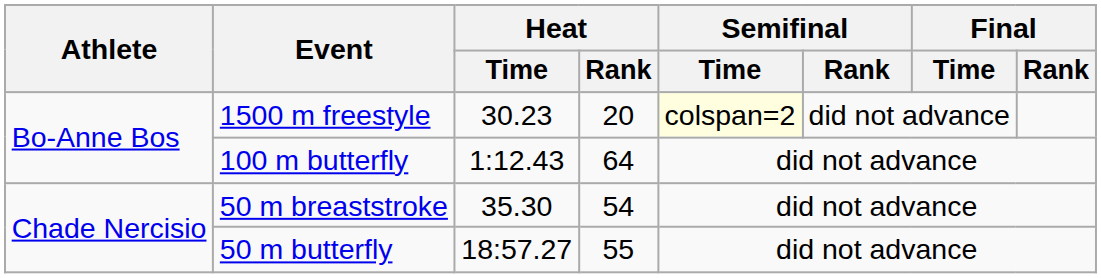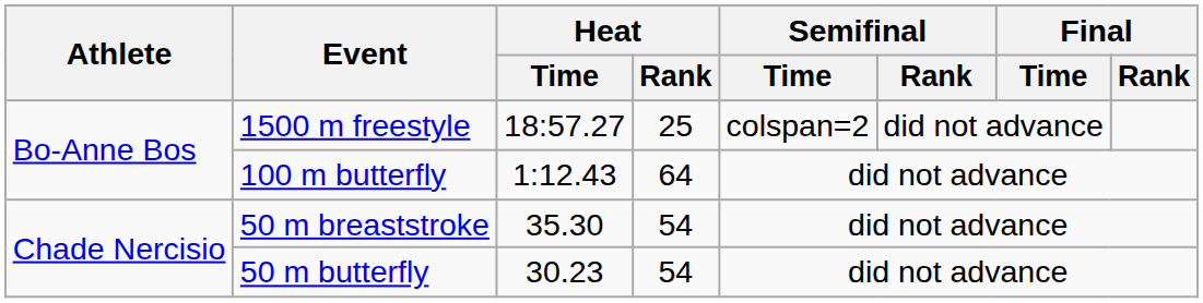 <table class=wikitable style="font-size:90%">
 <tr>
 <th rowspan="2">Athlete</th>
 <th rowspan="2">Event</th>
 <th colspan="2">Heat</th>
 <th colspan="2">Semifinal</th>
 <th colspan="2">Final</th>
 </tr>
 <tr style="font-size:95%">
 <th>Time</th>
 <th>Rank</th>
 <th>Time</th>
 <th>Rank</th>
 <th>Time</th>
 <th>Rank</th>
 </tr>
 <tr align=center>
 <td align=left rowspan=2><a href='#'>Bo-Anne Bos</a></td>
 <td align=left><a href='#'>1500 m freestyle</a></td>
-<td>30.23</td>
-<td>20</td>
-<td style="background: lightyellow;">colspan=2 </td>
+<td>18:57.27</td>
+<td>25</td>
+<td>colspan=2 </td>
 <td colspan=2>did not advance</td>
 </tr>
 <tr align=center>
 <td align=left><a href='#'>100 m butterfly</a></td>
 <td>1:12.43</td>
 <td>64</td>
 <td colspan=4>did not advance</td>
 </tr>
 <tr align=center>
 <td align=left rowspan=2><a href='#'>Chade Nercisio</a></td>
 <td align=left><a href='#'>50 m breaststroke</a></td>
 <td>35.30</td>
 <td>54</td>
 <td colspan=4>did not advance</td>
 </tr>
 <tr align=center>
 <td align=left><a href='#'>50 m butterfly</a></td>
-<td>18:57.27</td>
-<td>55</td>
+<td>30.23</td>
+<td>54</td>
 <td colspan=4>did not advance</td>
 </tr>
 </table>
